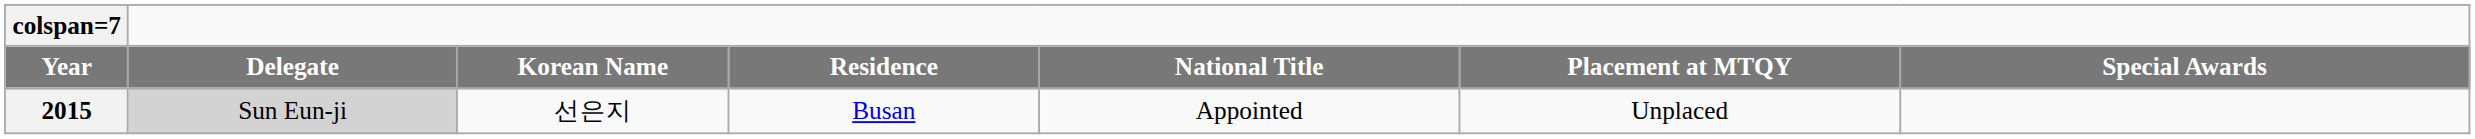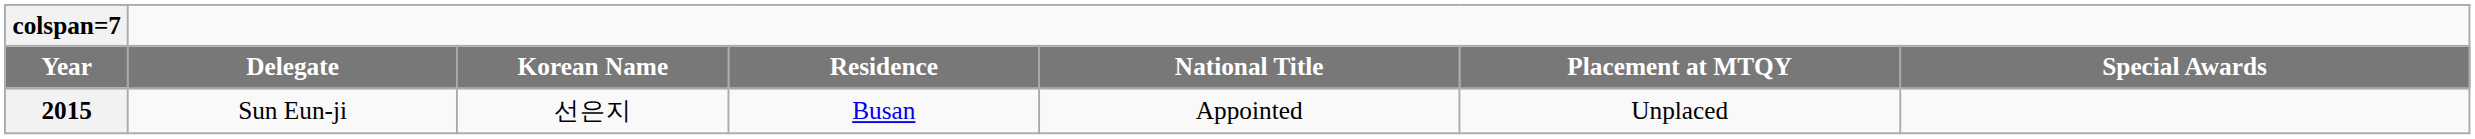 <table class="wikitable sortable" style="font-size: 85%; text-align:center">
 <tr>
 <th>colspan=7 </th>
 </tr>
 <tr>
 <th width="60" style="background-color:#787878;color:#FFFFFF;">Year</th>
 <th width="170" style="background-color:#787878;color:#FFFFFF;">Delegate</th>
 <th width="140" style="background-color:#787878;color:#FFFFFF;">Korean Name</th>
 <th width="160" style="background-color:#787878;color:#FFFFFF;">Residence</th>
 <th width="220" style="background-color:#787878;color:#FFFFFF;">National Title</th>
 <th width="230" style="background-color:#787878;color:#FFFFFF;">Placement at MTQY</th>
 <th width="300" style="background-color:#787878;color:#FFFFFF;">Special Awards</th>
 </tr>
 <tr>
 <th>2015</th>
-<td style="background: lightgrey;">Sun Eun-ji</td>
+<td>Sun Eun-ji</td>
 <td>선은지</td>
 <td><a href='#'>Busan</a></td>
 <td>Appointed</td>
 <td>Unplaced</td>
 <td></td>
 </tr>
 </table>
